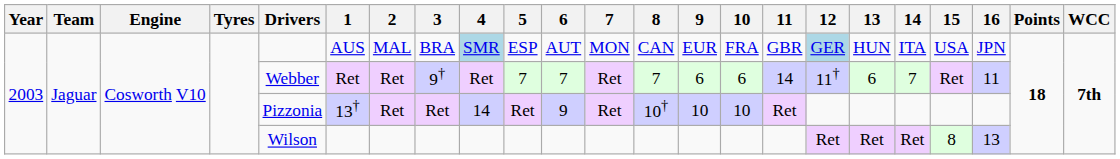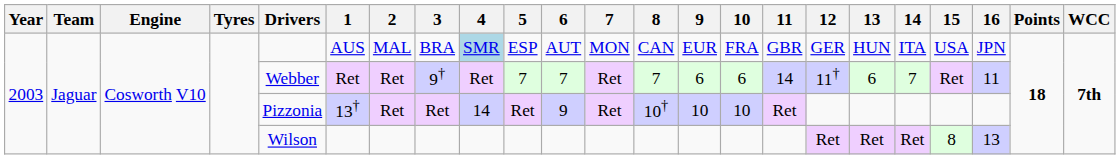 <table class="wikitable" style="text-align:center; font-size:95%">
 <tr>
 <th>Year</th>
 <th>Team</th>
 <th>Engine</th>
 <th>Tyres</th>
 <th>Drivers</th>
 <th>1</th>
 <th>2</th>
 <th>3</th>
 <th>4</th>
 <th>5</th>
 <th>6</th>
 <th>7</th>
 <th>8</th>
 <th>9</th>
 <th>10</th>
 <th>11</th>
 <th>12</th>
 <th>13</th>
 <th>14</th>
 <th>15</th>
 <th>16</th>
 <th>Points</th>
 <th>WCC</th>
 </tr>
 <tr>
 <td rowspan="4"><a href='#'>2003</a></td>
 <td rowspan="4"><a href='#'>Jaguar</a></td>
 <td rowspan="4"><a href='#'>Cosworth</a> <a href='#'>V10</a></td>
 <td rowspan="4"></td>
 <td></td>
 <td><a href='#'>AUS</a></td>
 <td><a href='#'>MAL</a></td>
 <td><a href='#'>BRA</a></td>
 <td style="background: lightblue;"><a href='#'>SMR</a></td>
 <td><a href='#'>ESP</a></td>
 <td><a href='#'>AUT</a></td>
 <td><a href='#'>MON</a></td>
 <td><a href='#'>CAN</a></td>
 <td><a href='#'>EUR</a></td>
 <td><a href='#'>FRA</a></td>
 <td><a href='#'>GBR</a></td>
-<td style="background: lightblue;"><a href='#'>GER</a></td>
+<td><a href='#'>GER</a></td>
 <td><a href='#'>HUN</a></td>
 <td><a href='#'>ITA</a></td>
 <td><a href='#'>USA</a></td>
 <td><a href='#'>JPN</a></td>
 <td rowspan="4"><strong>18</strong></td>
 <td rowspan="4"><strong>7th</strong></td>
 </tr>
 <tr>
 <td><a href='#'>Webber</a></td>
 <td style="background:#EFCFFF;">Ret</td>
 <td style="background:#EFCFFF;">Ret</td>
 <td style="background:#CFCFFF;">9<sup>†</sup></td>
 <td style="background:#EFCFFF;">Ret</td>
 <td style="background:#DFFFDF;">7</td>
 <td style="background:#DFFFDF;">7</td>
 <td style="background:#EFCFFF;">Ret</td>
 <td style="background:#DFFFDF;">7</td>
 <td style="background:#DFFFDF;">6</td>
 <td style="background:#DFFFDF;">6</td>
 <td style="background:#CFCFFF;">14</td>
 <td style="background:#CFCFFF;">11<sup>†</sup></td>
 <td style="background:#DFFFDF;">6</td>
 <td style="background:#DFFFDF;">7</td>
 <td style="background:#EFCFFF;">Ret</td>
 <td style="background:#CFCFFF;">11</td>
 </tr>
 <tr>
 <td><a href='#'>Pizzonia</a></td>
 <td style="background:#CFCFFF;">13<sup>†</sup></td>
 <td style="background:#EFCFFF;">Ret</td>
 <td style="background:#EFCFFF;">Ret</td>
 <td style="background:#CFCFFF;">14</td>
 <td style="background:#EFCFFF;">Ret</td>
 <td style="background:#CFCFFF;">9</td>
 <td style="background:#EFCFFF;">Ret</td>
 <td style="background:#CFCFFF;">10<sup>†</sup></td>
 <td style="background:#CFCFFF;">10</td>
 <td style="background:#CFCFFF;">10</td>
 <td style="background:#EFCFFF;">Ret</td>
 <td></td>
 <td></td>
 <td></td>
 <td></td>
 <td></td>
 </tr>
 <tr>
 <td><a href='#'>Wilson</a></td>
 <td></td>
 <td></td>
 <td></td>
 <td></td>
 <td></td>
 <td></td>
 <td></td>
 <td></td>
 <td></td>
 <td></td>
 <td></td>
 <td style="background:#EFCFFF;">Ret</td>
 <td style="background:#EFCFFF;">Ret</td>
 <td style="background:#EFCFFF;">Ret</td>
 <td style="background:#DFFFDF;">8</td>
 <td style="background:#CFCFFF;">13</td>
 </tr>
 </table>
